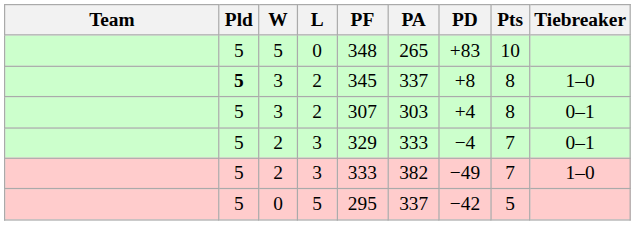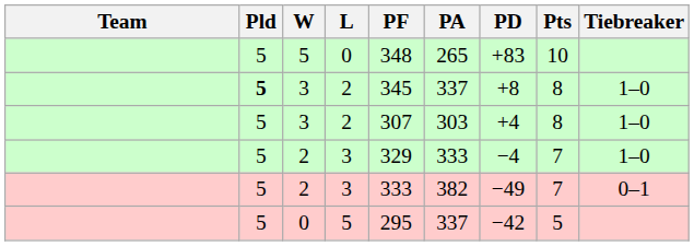 <table class="wikitable" style="text-align:center;">
 <tr>
 <th width=170>Team</th>
 <th width=25>Pld</th>
 <th width=25>W</th>
 <th width=25>L</th>
 <th width=35>PF</th>
 <th width=35>PA</th>
 <th width=35>PD</th>
 <th width=25>Pts</th>
 <th width=50>Tiebreaker</th>
 </tr>
 <tr bgcolor=ccffcc>
 <td align="left"></td>
 <td>5</td>
 <td>5</td>
 <td>0</td>
 <td>348</td>
 <td>265</td>
 <td>+83</td>
 <td>10</td>
 <td></td>
 </tr>
 <tr bgcolor=ccffcc>
 <td align="left"></td>
 <td><strong>5</strong></td>
 <td>3</td>
 <td>2</td>
 <td>345</td>
 <td>337</td>
 <td>+8</td>
 <td>8</td>
 <td>1–0</td>
 </tr>
 <tr bgcolor=ccffcc>
 <td align="left"></td>
 <td>5</td>
 <td>3</td>
 <td>2</td>
 <td>307</td>
 <td>303</td>
 <td>+4</td>
 <td>8</td>
-<td>0–1</td>
+<td>1–0</td>
 </tr>
 <tr bgcolor=ccffcc>
 <td align="left"></td>
 <td>5</td>
 <td>2</td>
 <td>3</td>
 <td>329</td>
 <td>333</td>
 <td>−4</td>
 <td>7</td>
-<td>0–1</td>
+<td>1–0</td>
 </tr>
 <tr bgcolor=ffcccc>
 <td align="left"></td>
 <td>5</td>
 <td>2</td>
 <td>3</td>
 <td>333</td>
 <td>382</td>
 <td>−49</td>
 <td>7</td>
-<td>1–0</td>
+<td>0–1</td>
 </tr>
 <tr bgcolor=ffcccc>
 <td align="left"></td>
 <td>5</td>
 <td>0</td>
 <td>5</td>
 <td>295</td>
 <td>337</td>
 <td>−42</td>
 <td>5</td>
 <td></td>
 </tr>
 </table>
